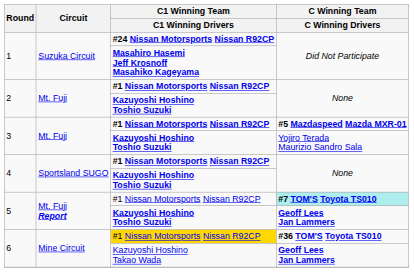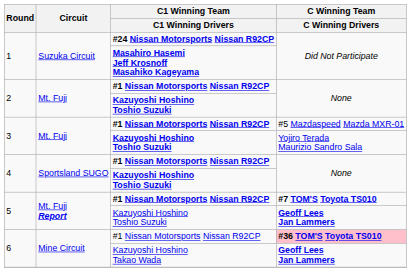 <table class="wikitable" style="font-size: 90%;">
 <tr>
 <th rowspan=2>Round</th>
 <th rowspan=2>Circuit</th>
 <th>C1 Winning Team</th>
 <th>C Winning Team</th>
 </tr>
 <tr>
 <th>C1 Winning Drivers</th>
 <th>C Winning Drivers</th>
 </tr>
 <tr>
 <td rowspan=2>1</td>
 <td rowspan=2><a href='#'>Suzuka Circuit</a></td>
 <td><strong>#24 <a href='#'>Nissan Motorsports</a> <a href='#'>Nissan R92CP</a></strong></td>
 <td rowspan=2 align="center"><em>Did Not Participate</em></td>
 </tr>
 <tr>
 <td><strong> <a href='#'>Masahiro Hasemi</a><br> <a href='#'>Jeff Krosnoff</a><br> <a href='#'>Masahiko Kageyama</a></strong></td>
 </tr>
 <tr>
 <td rowspan=2>2</td>
 <td rowspan=2><a href='#'>Mt. Fuji</a></td>
 <td><strong>#1 <a href='#'>Nissan Motorsports</a> <a href='#'>Nissan R92CP</a></strong></td>
 <td rowspan=2 align="center"><em>None</em></td>
 </tr>
 <tr>
 <td><strong> <a href='#'>Kazuyoshi Hoshino</a><br> <a href='#'>Toshio Suzuki</a></strong></td>
 </tr>
 <tr>
 <td rowspan=2>3</td>
 <td rowspan=2><a href='#'>Mt. Fuji</a></td>
 <td><strong>#1 <a href='#'>Nissan Motorsports</a> <a href='#'>Nissan R92CP</a></strong></td>
-<td><strong>#5 <a href='#'>Mazdaspeed</a> <a href='#'>Mazda MXR-01</a></strong></td>
+<td>#5 <a href='#'>Mazdaspeed</a> <a href='#'>Mazda MXR-01</a></td>
 </tr>
 <tr>
 <td><strong> <a href='#'>Kazuyoshi Hoshino</a><br> <a href='#'>Toshio Suzuki</a></strong></td>
 <td> <a href='#'>Yojiro Terada</a><br> <a href='#'>Maurizio Sandro Sala</a></td>
 </tr>
 <tr>
 <td rowspan=2>4</td>
 <td rowspan=2><a href='#'>Sportsland SUGO</a></td>
 <td><strong>#1 <a href='#'>Nissan Motorsports</a> <a href='#'>Nissan R92CP</a></strong></td>
 <td rowspan=2 align="center"><em>None</em></td>
 </tr>
 <tr>
 <td><strong> <a href='#'>Kazuyoshi Hoshino</a><br> <a href='#'>Toshio Suzuki</a></strong></td>
 </tr>
 <tr>
 <td rowspan=2>5</td>
 <td rowspan=2><a href='#'>Mt. Fuji</a><br><strong><em><a href='#'>Report</a></em></strong></td>
-<td>#1 <a href='#'>Nissan Motorsports</a> <a href='#'>Nissan R92CP</a></td>
-<td style="background: paleturquoise;"><strong>#7 <a href='#'>TOM'S</a> <a href='#'>Toyota TS010</a></strong></td>
+<td><strong>#1 <a href='#'>Nissan Motorsports</a> <a href='#'>Nissan R92CP</a></strong></td>
+<td><strong>#7 <a href='#'>TOM'S</a> <a href='#'>Toyota TS010</a></strong></td>
 </tr>
 <tr>
-<td><strong> <a href='#'>Kazuyoshi Hoshino</a><br> <a href='#'>Toshio Suzuki</a></strong></td>
+<td> <a href='#'>Kazuyoshi Hoshino</a><br> <a href='#'>Toshio Suzuki</a></td>
 <td><strong> <a href='#'>Geoff Lees</a><br> <a href='#'>Jan Lammers</a></strong></td>
 </tr>
 <tr>
 <td rowspan=2>6</td>
 <td rowspan=2><a href='#'>Mine Circuit</a></td>
-<td style="background: gold;">#1 <a href='#'>Nissan Motorsports</a> <a href='#'>Nissan R92CP</a></td>
-<td><strong>#36 <a href='#'>TOM'S</a> <a href='#'>Toyota TS010</a></strong></td>
+<td>#1 <a href='#'>Nissan Motorsports</a> <a href='#'>Nissan R92CP</a></td>
+<td style="background: pink;"><strong>#36 <a href='#'>TOM'S</a> <a href='#'>Toyota TS010</a></strong></td>
 </tr>
 <tr>
 <td> <a href='#'>Kazuyoshi Hoshino</a><br> <a href='#'>Takao Wada</a></td>
 <td><strong> <a href='#'>Geoff Lees</a><br> <a href='#'>Jan Lammers</a></strong></td>
 </tr>
 <tr>
 </tr>
 </table>
